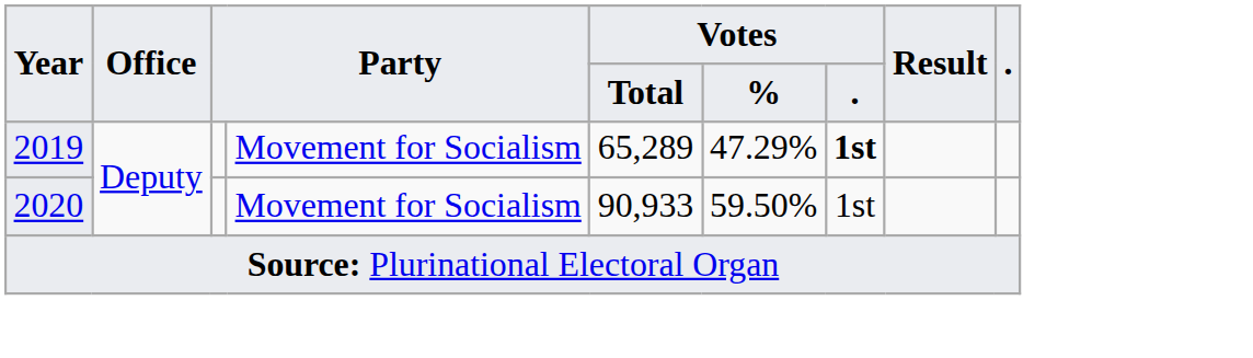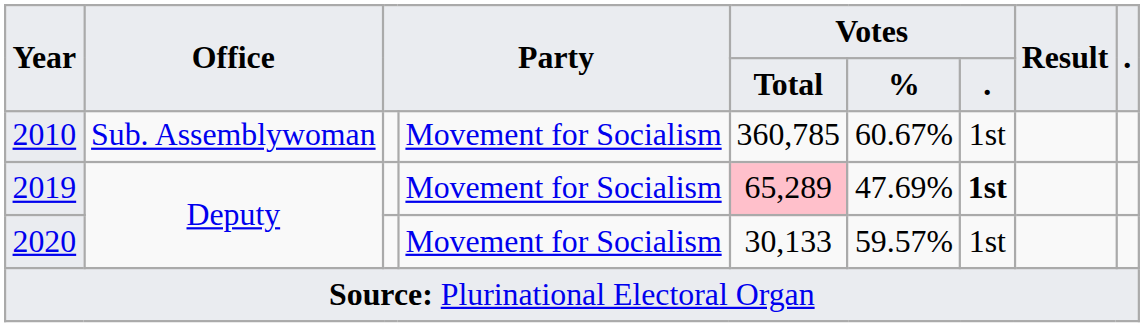 <table class="wikitable" style="font-size:90%; text-align:center;">
 <tr>
 <th style="background-color:#EAECF0;" rowspan=2>Year</th>
 <th style="background-color:#EAECF0;" rowspan=2>Office</th>
 <th style="background-color:#EAECF0;" colspan=2 rowspan=2>Party</th>
 <th style="background-color:#EAECF0;" colspan=3>Votes</th>
 <th style="background-color:#EAECF0;" rowspan=2>Result</th>
 <th style="background-color:#EAECF0;" rowspan=2>.</th>
 </tr>
 <tr>
 <th style="background-color:#EAECF0;">Total</th>
 <th style="background-color:#EAECF0;">%</th>
 <th style="background-color:#EAECF0;">.</th>
 </tr>
 <tr>
+<td style="background-color:#EAECF0;"><a href='#'>2010</a></td>
+<td><a href='#'>Sub. Assemblywoman</a></td>
+<td style="background-color:"></td>
+<td><a href='#'>Movement for Socialism</a></td>
+<td>360,785</td>
+<td>60.67%</td>
+<td>1st</td>
+<td></td>
+<td></td>
+</tr>
+<tr>
 <td style="background-color:#EAECF0;"><a href='#'>2019</a></td>
 <td rowspan=2><a href='#'>Deputy</a></td>
 <td style="background-color:"></td>
 <td><a href='#'>Movement for Socialism</a></td>
-<td>65,289</td>
-<td>47.29%</td>
+<td style="background: pink;">65,289</td>
+<td>47.69%</td>
 <td><strong>1st</strong></td>
 <td></td>
 <td></td>
 </tr>
 <tr>
 <td style="background-color:#EAECF0;"><a href='#'>2020</a></td>
 <td style="background-color:"></td>
 <td><a href='#'>Movement for Socialism</a></td>
-<td>90,933</td>
-<td>59.50%</td>
+<td>30,133</td>
+<td>59.57%</td>
 <td>1st</td>
 <td></td>
 <td></td>
 </tr>
 <tr>
 <td style="background-color:#EAECF0;" colspan=9><strong>Source:</strong> <a href='#'>Plurinational Electoral Organ</a>  </td>
 </tr>
 </table>
